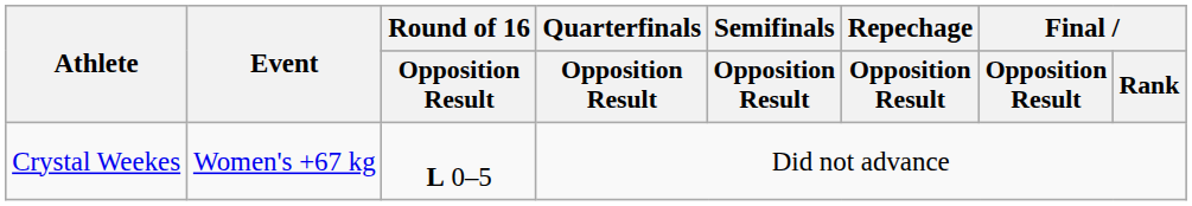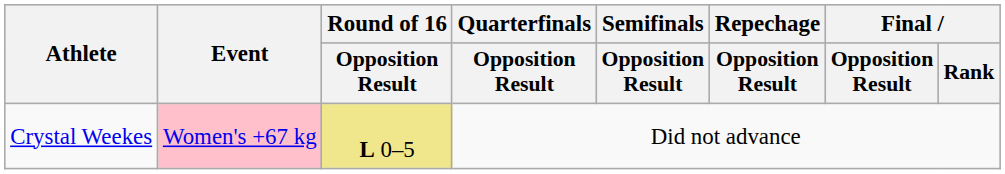 <table class="wikitable" style="font-size:90%;">
 <tr>
 <th rowspan=2>Athlete</th>
 <th rowspan=2>Event</th>
 <th>Round of 16</th>
 <th>Quarterfinals</th>
 <th>Semifinals</th>
 <th>Repechage</th>
 <th colspan=2>Final / </th>
 </tr>
 <tr style="font-size:95%">
 <th>Opposition<br>Result</th>
 <th>Opposition<br>Result</th>
 <th>Opposition<br>Result</th>
 <th>Opposition<br>Result</th>
 <th>Opposition<br>Result</th>
 <th>Rank</th>
 </tr>
 <tr align=center>
 <td align=left><a href='#'>Crystal Weekes</a></td>
-<td align=left><a href='#'>Women's +67 kg</a></td>
-<td><br><strong>L</strong> 0–5</td>
+<td align=left style="background: pink;"><a href='#'>Women's +67 kg</a></td>
+<td style="background: khaki;"><br><strong>L</strong> 0–5</td>
 <td colspan=5>Did not advance</td>
 </tr>
 </table>
